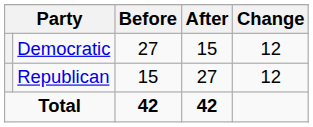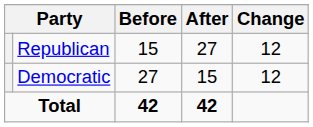 <table class="wikitable" style="text-align:center;">
 <tr>
 </tr>
 <tr>
 <th colspan=2>Party</th>
 <th>Before</th>
 <th>After</th>
 <th>Change</th>
 </tr>
 <tr>
 <th style="background-color:"></th>
-<td style="text-align:left;"><a href='#'>Democratic</a></td>
+<td style="text-align:left;"><a href='#'>Republican</a></td>
+<td>15</td>
 <td>27</td>
-<td>15</td>
 <td> 12</td>
 </tr>
 <tr>
 <th style="background-color:"></th>
-<td style="text-align:left;"><a href='#'>Republican</a></td>
+<td style="text-align:left;"><a href='#'>Democratic</a></td>
+<td>27</td>
 <td>15</td>
-<td>27</td>
 <td> 12</td>
 </tr>
 <tr>
 <td colspan=2><strong>Total</strong></td>
 <td><strong>42</strong></td>
 <td><strong>42</strong></td>
 <td></td>
 </tr>
 </table>
